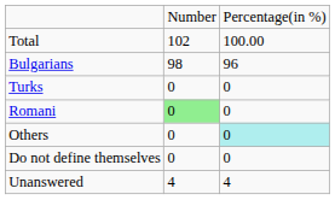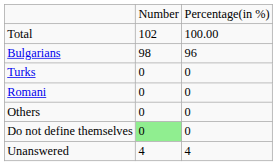 <table class="wikitable">
 <tr>
 <td></td>
 <td>Number</td>
 <td>Percentage(in %)</td>
 </tr>
 <tr>
 <td>Total</td>
 <td>102</td>
 <td>100.00</td>
 </tr>
 <tr>
 <td><a href='#'>Bulgarians</a></td>
 <td>98</td>
 <td>96</td>
 </tr>
 <tr>
 <td><a href='#'>Turks</a></td>
 <td>0</td>
 <td>0</td>
 </tr>
 <tr>
 <td><a href='#'>Romani</a></td>
-<td style="background: lightgreen;">0</td>
+<td>0</td>
 <td>0</td>
 </tr>
 <tr>
 <td>Others</td>
 <td>0</td>
-<td style="background: paleturquoise;">0</td>
+<td>0</td>
 </tr>
 <tr>
 <td>Do not define themselves</td>
-<td>0</td>
+<td style="background: lightgreen;">0</td>
 <td>0</td>
 </tr>
 <tr>
 <td>Unanswered</td>
 <td>4</td>
 <td>4</td>
 </tr>
 </table>
